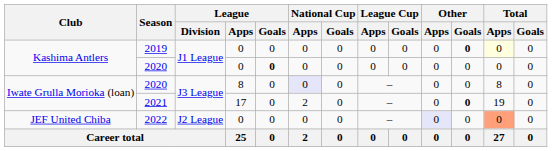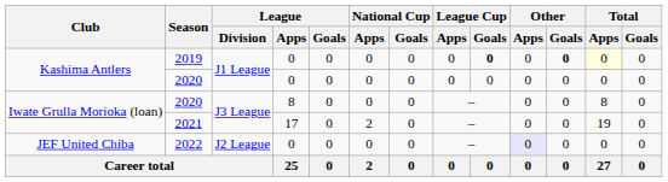 <table class="wikitable" style="text-align: center">
 <tr>
 <th rowspan="2">Club</th>
 <th rowspan="2">Season</th>
 <th colspan="3">League</th>
 <th colspan="2">National Cup</th>
 <th colspan="2">League Cup</th>
 <th colspan="2">Other</th>
 <th colspan="2">Total</th>
 </tr>
 <tr>
 <th>Division</th>
 <th>Apps</th>
 <th>Goals</th>
 <th>Apps</th>
 <th>Goals</th>
 <th>Apps</th>
 <th>Goals</th>
 <th>Apps</th>
 <th>Goals</th>
 <th>Apps</th>
 <th>Goals</th>
 </tr>
 <tr>
 <td rowspan=2><a href='#'>Kashima Antlers</a></td>
 <td><a href='#'>2019</a></td>
 <td rowspan=2><a href='#'>J1 League</a></td>
 <td>0</td>
 <td>0</td>
 <td>0</td>
 <td>0</td>
 <td>0</td>
-<td>0</td>
+<td><strong>0</strong></td>
 <td>0</td>
 <td><strong>0</strong></td>
 <td style="background: lightyellow;">0</td>
 <td>0</td>
 </tr>
 <tr>
 <td><a href='#'>2020</a></td>
 <td>0</td>
-<td><strong>0</strong></td>
+<td>0</td>
 <td>0</td>
 <td>0</td>
 <td>0</td>
 <td>0</td>
 <td>0</td>
 <td>0</td>
 <td>0</td>
 <td>0</td>
 </tr>
 <tr>
 <td rowspan=2><a href='#'>Iwate Grulla Morioka</a> (loan)</td>
 <td><a href='#'>2020</a></td>
 <td rowspan=2><a href='#'>J3 League</a></td>
 <td>8</td>
 <td>0</td>
-<td style="background: lavender;">0</td>
+<td>0</td>
 <td>0</td>
 <td colspan="2">–</td>
 <td>0</td>
 <td>0</td>
 <td>8</td>
 <td>0</td>
 </tr>
 <tr>
 <td><a href='#'>2021</a></td>
 <td>17</td>
 <td>0</td>
 <td>2</td>
 <td>0</td>
 <td colspan="2">–</td>
 <td>0</td>
-<td><strong>0</strong></td>
+<td>0</td>
 <td>19</td>
 <td>0</td>
 </tr>
 <tr>
 <td><a href='#'>JEF United Chiba</a></td>
 <td><a href='#'>2022</a></td>
 <td><a href='#'>J2 League</a></td>
 <td>0</td>
 <td>0</td>
 <td>0</td>
 <td>0</td>
 <td colspan="2">–</td>
 <td style="background: lavender;">0</td>
 <td>0</td>
-<td style="background: lightsalmon;">0</td>
+<td>0</td>
 <td>0</td>
 </tr>
 <tr>
 <th colspan=3>Career total</th>
 <th>25</th>
 <th>0</th>
 <th>2</th>
 <th>0</th>
 <th>0</th>
 <th>0</th>
 <th>0</th>
 <th>0</th>
 <th>27</th>
 <th>0</th>
 </tr>
 </table>
